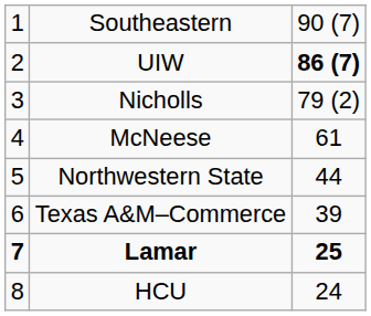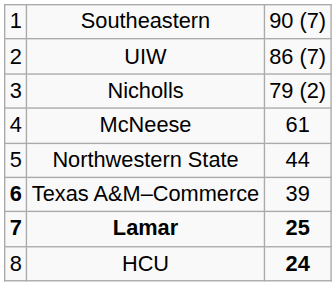 <table class="wikitable">
 <tr align="center">
 <td>1</td>
 <td>Southeastern</td>
 <td>90 (7)</td>
 </tr>
 <tr align="center">
 <td>2</td>
 <td>UIW</td>
-<td><strong>86 (7)</strong></td>
+<td>86 (7)</td>
 </tr>
 <tr align="center">
 <td>3</td>
 <td>Nicholls</td>
 <td>79 (2)</td>
 </tr>
 <tr align="center">
 <td>4</td>
 <td>McNeese</td>
 <td>61</td>
 </tr>
 <tr align="center">
 <td>5</td>
 <td>Northwestern State</td>
 <td>44</td>
 </tr>
 <tr align="center">
-<td>6</td>
+<td><strong>6</strong></td>
 <td>Texas A&M–Commerce</td>
 <td>39</td>
 </tr>
 <tr align="center">
 <td><strong>7</strong></td>
 <td><strong>Lamar</strong></td>
 <td><strong>25</strong></td>
 </tr>
 <tr align="center">
 <td>8</td>
 <td>HCU</td>
-<td>24</td>
+<td><strong>24</strong></td>
 </tr>
 </table>
